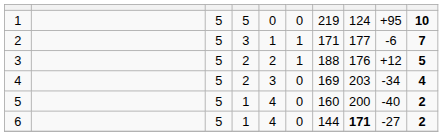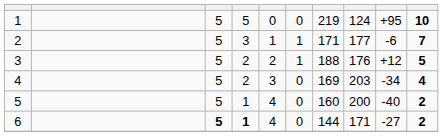 <table class="wikitable" style="text-align:center; font-size:95%">
 <tr>
 <th width="25"></th>
 <th width="200"></th>
 <th width="25"></th>
 <th width="25"></th>
 <th width="25"></th>
 <th width="25"></th>
 <th width="30"></th>
 <th width="30"></th>
 <th width="30"></th>
 <th width="30"></th>
 </tr>
 <tr style="background:#">
 <td>1</td>
 <td style="text-align:left"></td>
 <td>5</td>
 <td>5</td>
 <td>0</td>
 <td>0</td>
 <td>219</td>
 <td>124</td>
 <td>+95</td>
 <td><strong>10</strong></td>
 </tr>
 <tr style="background:#">
 <td>2</td>
 <td style="text-align:left"></td>
 <td>5</td>
 <td>3</td>
 <td>1</td>
 <td>1</td>
 <td>171</td>
 <td>177</td>
 <td>-6</td>
 <td><strong>7</strong></td>
 </tr>
 <tr style="background:#">
 <td>3</td>
 <td style="text-align:left"></td>
 <td>5</td>
 <td>2</td>
 <td>2</td>
 <td>1</td>
 <td>188</td>
 <td>176</td>
 <td>+12</td>
 <td><strong>5</strong></td>
 </tr>
 <tr style="background:#">
 <td>4</td>
 <td style="text-align:left"></td>
 <td>5</td>
 <td>2</td>
 <td>3</td>
 <td>0</td>
 <td>169</td>
 <td>203</td>
 <td>-34</td>
 <td><strong>4</strong></td>
 </tr>
 <tr style="background-color:#">
 <td>5</td>
 <td style="text-align:left"></td>
 <td>5</td>
 <td>1</td>
 <td>4</td>
 <td>0</td>
 <td>160</td>
 <td>200</td>
 <td>-40</td>
 <td><strong>2</strong></td>
 </tr>
 <tr style="background-color:#">
 <td>6</td>
 <td style="text-align:left"></td>
-<td>5</td>
-<td>1</td>
+<td><strong>5</strong></td>
+<td><strong>1</strong></td>
 <td>4</td>
 <td>0</td>
 <td>144</td>
-<td><strong>171</strong></td>
+<td>171</td>
 <td>-27</td>
 <td><strong>2</strong></td>
 </tr>
 <tr>
 </tr>
 </table>
